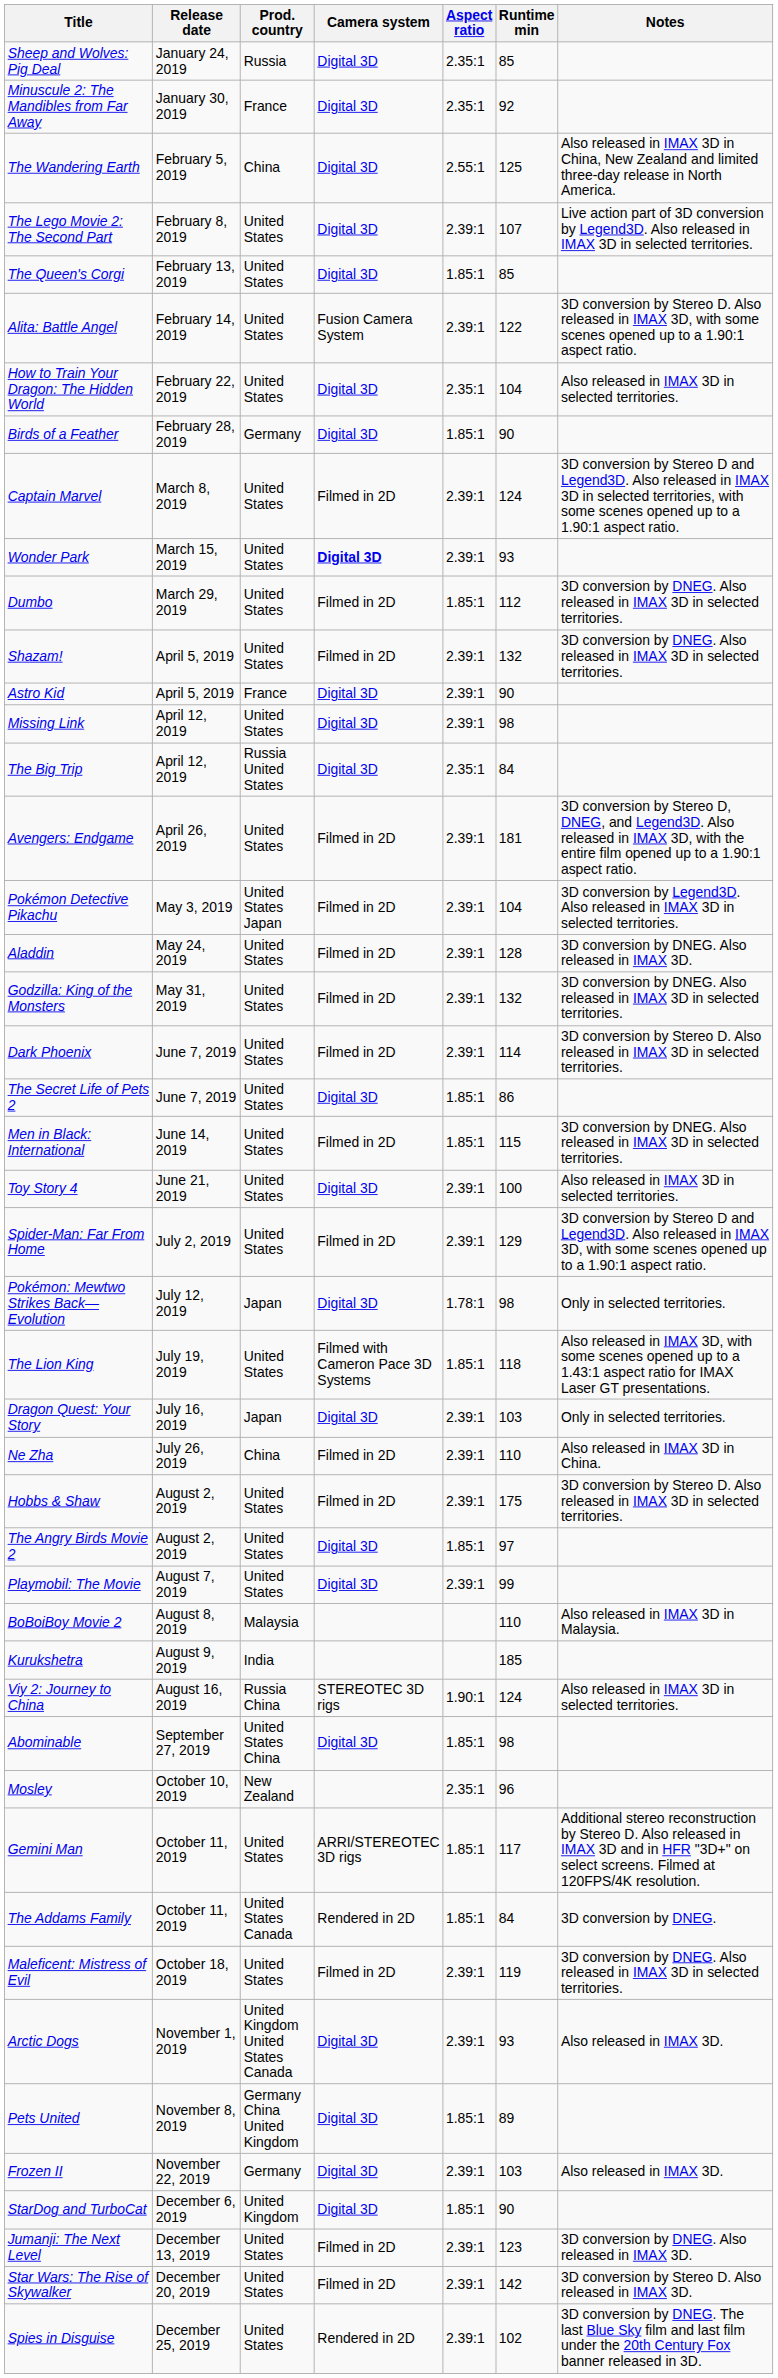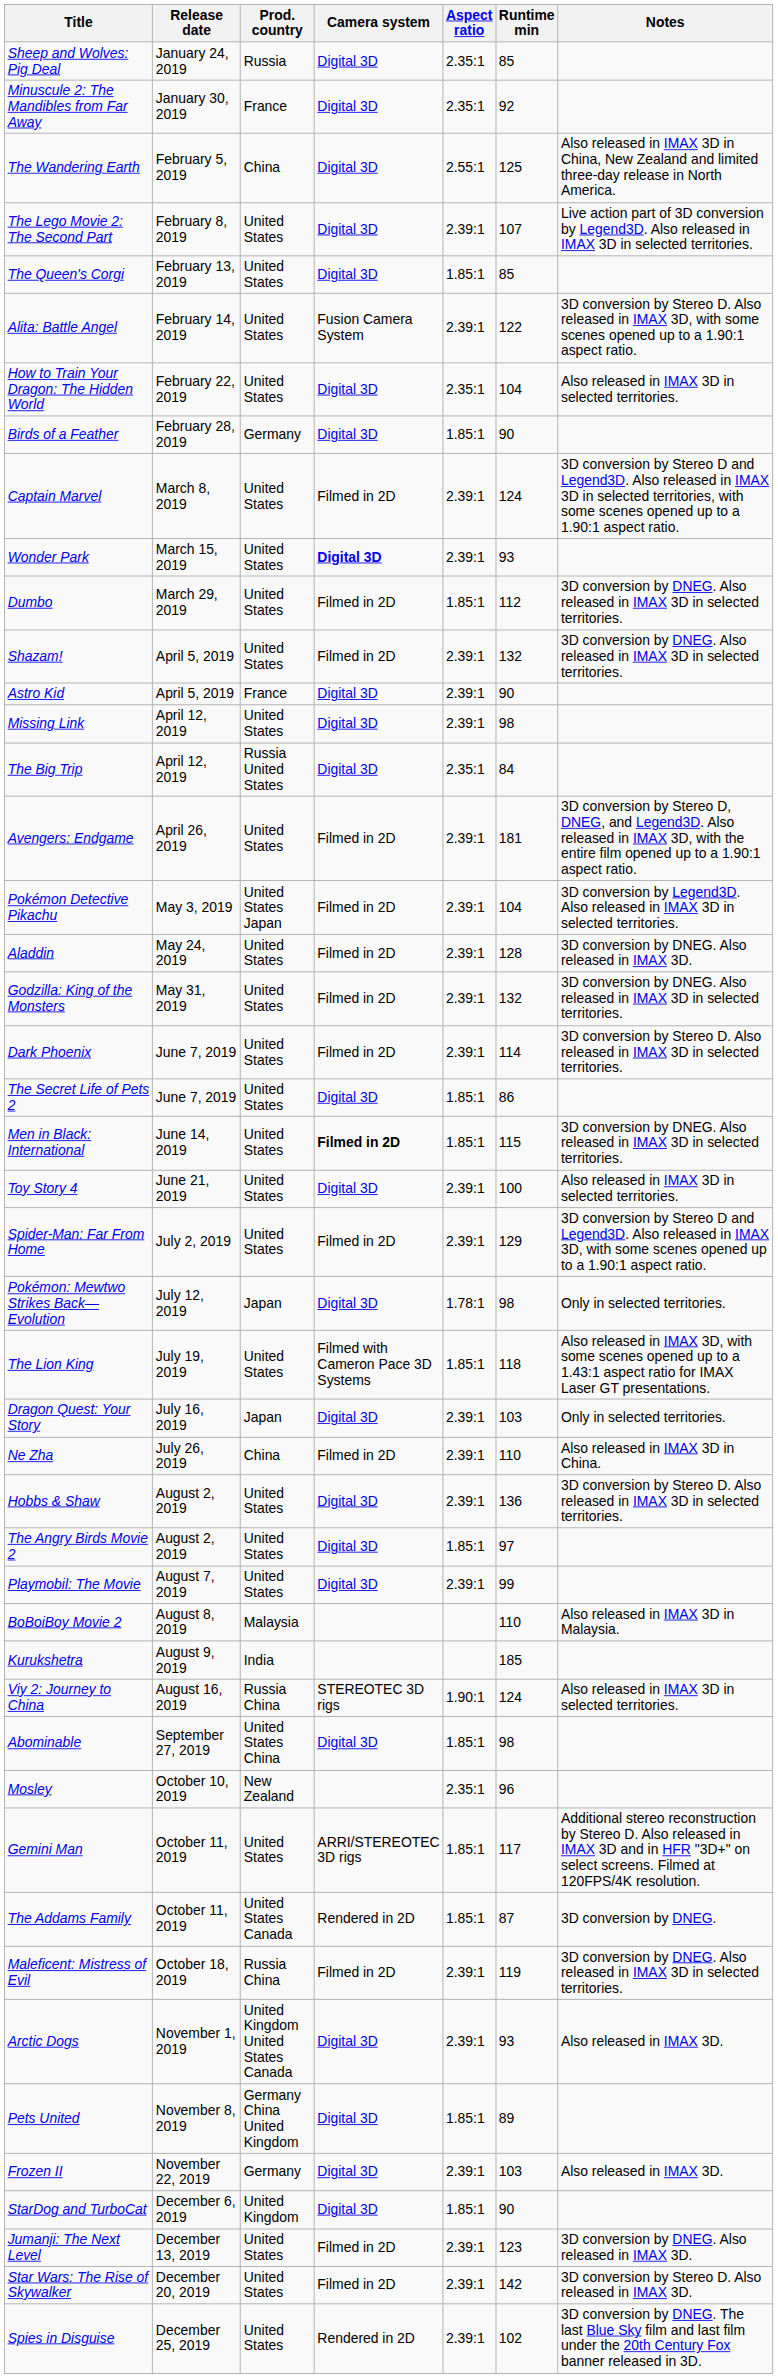 <table class="wikitable sortable" width="100%">
 <tr>
 <th width="22%">Title</th>
 <th width="12%">Release date</th>
 <th width="10%">Prod. country</th>
 <th width="15%">Camera system</th>
 <th width="5%"><a href='#'>Aspect ratio</a></th>
 <th width="3%">Runtime min</th>
 <th width="33%" class="unsortable">Notes</th>
 </tr>
 <tr>
 <td><em><a href='#'>Sheep and Wolves: Pig Deal</a></em></td>
 <td>January 24, 2019</td>
 <td>Russia</td>
 <td><a href='#'>Digital 3D</a></td>
 <td>2.35:1</td>
 <td>85</td>
 <td></td>
 </tr>
 <tr>
 <td><em><a href='#'>Minuscule 2: The Mandibles from Far Away</a></em></td>
 <td>January 30, 2019</td>
 <td>France</td>
 <td><a href='#'>Digital 3D</a></td>
 <td>2.35:1</td>
 <td>92</td>
 <td></td>
 </tr>
 <tr>
 <td><em><a href='#'>The Wandering Earth</a></em></td>
 <td>February 5, 2019</td>
 <td>China</td>
 <td><a href='#'>Digital 3D</a></td>
 <td>2.55:1</td>
 <td>125</td>
 <td>Also released in <a href='#'>IMAX</a> 3D in China, New Zealand and limited three-day release in North America.</td>
 </tr>
 <tr>
 <td><em><a href='#'>The Lego Movie 2: The Second Part</a></em></td>
 <td>February 8, 2019</td>
 <td>United States</td>
 <td><a href='#'>Digital 3D</a></td>
 <td>2.39:1</td>
 <td>107</td>
 <td>Live action part of 3D conversion by <a href='#'>Legend3D</a>. Also released in <a href='#'>IMAX</a> 3D in selected territories.</td>
 </tr>
 <tr>
 <td><em><a href='#'>The Queen's Corgi</a></em></td>
 <td>February 13, 2019</td>
 <td>United States</td>
 <td><a href='#'>Digital 3D</a></td>
 <td>1.85:1</td>
 <td>85</td>
 <td></td>
 </tr>
 <tr>
 <td><em><a href='#'>Alita: Battle Angel</a></em></td>
 <td>February 14, 2019</td>
 <td>United States</td>
 <td>Fusion Camera System</td>
 <td>2.39:1</td>
 <td>122</td>
 <td>3D conversion by Stereo D. Also released in <a href='#'>IMAX</a> 3D, with some scenes opened up to a 1.90:1 aspect ratio.</td>
 </tr>
 <tr>
 <td><em><a href='#'>How to Train Your Dragon: The Hidden World</a></em></td>
 <td>February 22, 2019</td>
 <td>United States</td>
 <td><a href='#'>Digital 3D</a></td>
 <td>2.35:1</td>
 <td>104</td>
 <td>Also released in <a href='#'>IMAX</a> 3D in selected territories.</td>
 </tr>
 <tr>
 <td><em><a href='#'>Birds of a Feather</a></em></td>
 <td>February 28, 2019</td>
 <td>Germany</td>
 <td><a href='#'>Digital 3D</a></td>
 <td>1.85:1</td>
 <td>90</td>
 <td></td>
 </tr>
 <tr>
 <td><em><a href='#'>Captain Marvel</a></em></td>
 <td>March 8, 2019</td>
 <td>United States</td>
 <td>Filmed in 2D</td>
 <td>2.39:1</td>
 <td>124</td>
 <td>3D conversion by Stereo D and <a href='#'>Legend3D</a>. Also released in <a href='#'>IMAX</a> 3D in selected territories, with some scenes opened up to a 1.90:1 aspect ratio.</td>
 </tr>
 <tr>
 <td><em><a href='#'>Wonder Park</a></em></td>
 <td>March 15, 2019</td>
 <td>United States</td>
 <td><strong><a href='#'>Digital 3D</a></strong></td>
 <td>2.39:1</td>
 <td>93</td>
 <td></td>
 </tr>
 <tr>
 <td><em><a href='#'>Dumbo</a></em></td>
 <td>March 29, 2019</td>
 <td>United States</td>
 <td>Filmed in 2D</td>
 <td>1.85:1</td>
 <td>112</td>
 <td>3D conversion by <a href='#'>DNEG</a>. Also released in <a href='#'>IMAX</a> 3D in selected territories.</td>
 </tr>
 <tr>
 <td><em><a href='#'>Shazam!</a></em></td>
 <td>April 5, 2019</td>
 <td>United States</td>
 <td>Filmed in 2D</td>
 <td>2.39:1</td>
 <td>132</td>
 <td>3D conversion by <a href='#'>DNEG</a>. Also released in <a href='#'>IMAX</a> 3D in selected territories.</td>
 </tr>
 <tr>
 <td><em><a href='#'>Astro Kid</a></em></td>
 <td>April 5, 2019</td>
 <td>France</td>
 <td><a href='#'>Digital 3D</a></td>
 <td>2.39:1</td>
 <td>90</td>
 <td></td>
 </tr>
 <tr>
 <td><em><a href='#'>Missing Link</a></em></td>
 <td>April 12, 2019</td>
 <td>United States</td>
 <td><a href='#'>Digital 3D</a></td>
 <td>2.39:1</td>
 <td>98</td>
 <td></td>
 </tr>
 <tr>
 <td><em><a href='#'>The Big Trip</a></em></td>
 <td>April 12, 2019</td>
 <td>Russia<br>United States</td>
 <td><a href='#'>Digital 3D</a></td>
 <td>2.35:1</td>
 <td>84</td>
 <td></td>
 </tr>
 <tr>
 <td><em><a href='#'>Avengers: Endgame</a></em></td>
 <td>April 26, 2019</td>
 <td>United States</td>
 <td>Filmed in 2D</td>
 <td>2.39:1</td>
 <td>181</td>
 <td>3D conversion by Stereo D, <a href='#'>DNEG</a>, and <a href='#'>Legend3D</a>. Also released in <a href='#'>IMAX</a> 3D, with the entire film opened up to a 1.90:1 aspect ratio.</td>
 </tr>
 <tr>
 <td><em><a href='#'>Pokémon Detective Pikachu</a></em></td>
 <td>May 3, 2019</td>
 <td>United States<br>Japan</td>
 <td>Filmed in 2D</td>
 <td>2.39:1</td>
 <td>104</td>
 <td>3D conversion by <a href='#'>Legend3D</a>. Also released in <a href='#'>IMAX</a> 3D in selected territories.</td>
 </tr>
 <tr>
 <td><em><a href='#'>Aladdin</a></em></td>
 <td>May 24, 2019</td>
 <td>United States</td>
 <td>Filmed in 2D</td>
 <td>2.39:1</td>
 <td>128</td>
 <td>3D conversion by DNEG. Also released in <a href='#'>IMAX</a> 3D.</td>
 </tr>
 <tr>
 <td><em><a href='#'>Godzilla: King of the Monsters</a></em></td>
 <td>May 31, 2019</td>
 <td>United States</td>
 <td>Filmed in 2D</td>
 <td>2.39:1</td>
 <td>132</td>
 <td>3D conversion by DNEG. Also released in <a href='#'>IMAX</a> 3D in selected territories.</td>
 </tr>
 <tr>
 <td><em><a href='#'>Dark Phoenix</a></em></td>
 <td>June 7, 2019</td>
 <td>United States</td>
 <td>Filmed in 2D</td>
 <td>2.39:1</td>
 <td>114</td>
 <td>3D conversion by Stereo D. Also released in <a href='#'>IMAX</a> 3D in selected territories.</td>
 </tr>
 <tr>
 <td><em><a href='#'>The Secret Life of Pets 2</a></em></td>
 <td>June 7, 2019</td>
 <td>United States</td>
 <td><a href='#'>Digital 3D</a></td>
 <td>1.85:1</td>
 <td>86</td>
 <td></td>
 </tr>
 <tr>
 <td><em><a href='#'>Men in Black: International</a></em></td>
 <td>June 14, 2019</td>
 <td>United States</td>
-<td>Filmed in 2D</td>
+<td><strong>Filmed in 2D</strong></td>
 <td>1.85:1</td>
 <td>115</td>
 <td>3D conversion by DNEG. Also released in <a href='#'>IMAX</a> 3D in selected territories.</td>
 </tr>
 <tr>
 <td><em><a href='#'>Toy Story 4</a></em></td>
 <td>June 21, 2019</td>
 <td>United States</td>
 <td><a href='#'>Digital 3D</a></td>
 <td>2.39:1</td>
 <td>100</td>
 <td>Also released in <a href='#'>IMAX</a> 3D in selected territories.</td>
 </tr>
 <tr>
 <td><em><a href='#'>Spider-Man: Far From Home</a></em></td>
 <td>July 2, 2019</td>
 <td>United States</td>
 <td>Filmed in 2D</td>
 <td>2.39:1</td>
 <td>129</td>
 <td>3D conversion by Stereo D and <a href='#'>Legend3D</a>. Also released in <a href='#'>IMAX</a> 3D, with some scenes opened up to a 1.90:1 aspect ratio.</td>
 </tr>
 <tr>
 <td><em><a href='#'>Pokémon: Mewtwo Strikes Back—Evolution</a></em></td>
 <td>July 12, 2019</td>
 <td>Japan</td>
 <td><a href='#'>Digital 3D</a></td>
 <td>1.78:1</td>
 <td>98</td>
 <td>Only in selected territories.</td>
 </tr>
 <tr>
 <td><em><a href='#'>The Lion King</a></em></td>
 <td>July 19, 2019</td>
 <td>United States</td>
 <td>Filmed with Cameron Pace 3D Systems</td>
 <td>1.85:1</td>
 <td>118</td>
 <td>Also released in <a href='#'>IMAX</a> 3D, with some scenes opened up to a 1.43:1 aspect ratio for IMAX Laser GT presentations.</td>
 </tr>
 <tr>
 <td><em><a href='#'>Dragon Quest: Your Story</a></em></td>
 <td>July 16, 2019</td>
 <td>Japan</td>
 <td><a href='#'>Digital 3D</a></td>
 <td>2.39:1</td>
 <td>103</td>
 <td>Only in selected territories.</td>
 </tr>
 <tr>
 <td><em><a href='#'>Ne Zha</a></em></td>
 <td>July 26, 2019</td>
 <td>China</td>
 <td>Filmed in 2D</td>
 <td>2.39:1</td>
 <td>110</td>
 <td>Also released in <a href='#'>IMAX</a> 3D in China.</td>
 </tr>
 <tr>
 <td><em><a href='#'>Hobbs & Shaw</a></em></td>
 <td>August 2, 2019</td>
 <td>United States</td>
-<td>Filmed in 2D</td>
+<td><a href='#'>Digital 3D</a></td>
 <td>2.39:1</td>
-<td>175</td>
+<td>136</td>
 <td>3D conversion by Stereo D. Also released in <a href='#'>IMAX</a> 3D in selected territories.</td>
 </tr>
 <tr>
 <td><em><a href='#'>The Angry Birds Movie 2</a></em></td>
 <td>August 2, 2019</td>
 <td>United States</td>
 <td><a href='#'>Digital 3D</a></td>
 <td>1.85:1</td>
 <td>97</td>
 <td></td>
 </tr>
 <tr>
 <td><em><a href='#'>Playmobil: The Movie</a></em></td>
 <td>August 7, 2019</td>
 <td>United States</td>
 <td><a href='#'>Digital 3D</a></td>
 <td>2.39:1</td>
 <td>99</td>
 <td></td>
 </tr>
 <tr>
 <td><em><a href='#'>BoBoiBoy Movie 2</a></em></td>
 <td>August 8, 2019</td>
 <td>Malaysia</td>
 <td></td>
 <td></td>
 <td>110</td>
 <td>Also released in <a href='#'>IMAX</a> 3D in Malaysia.</td>
 </tr>
 <tr>
 <td><em><a href='#'>Kurukshetra</a></em></td>
 <td>August 9, 2019</td>
 <td>India</td>
 <td></td>
 <td></td>
 <td>185</td>
 <td></td>
 </tr>
 <tr>
 <td><em><a href='#'>Viy 2: Journey to China</a></em></td>
 <td>August 16, 2019</td>
 <td>Russia<br>China</td>
 <td>STEREOTEC 3D rigs</td>
 <td>1.90:1</td>
 <td>124</td>
 <td>Also released in <a href='#'>IMAX</a> 3D in selected territories.</td>
 </tr>
 <tr>
 <td><em><a href='#'>Abominable</a></em></td>
 <td>September 27, 2019</td>
 <td>United States<br>China</td>
 <td><a href='#'>Digital 3D</a></td>
 <td>1.85:1</td>
 <td>98</td>
 <td></td>
 </tr>
 <tr>
 <td><em><a href='#'>Mosley</a></em></td>
 <td>October 10, 2019</td>
 <td>New Zealand</td>
 <td></td>
 <td>2.35:1</td>
 <td>96</td>
 <td></td>
 </tr>
 <tr>
 <td><em><a href='#'>Gemini Man</a></em></td>
 <td>October 11, 2019</td>
 <td>United States</td>
 <td>ARRI/STEREOTEC 3D rigs</td>
 <td>1.85:1</td>
 <td>117</td>
 <td>Additional stereo reconstruction by Stereo D. Also released in <a href='#'>IMAX</a> 3D and in <a href='#'>HFR</a> "3D+" on select screens. Filmed at 120FPS/4K resolution.</td>
 </tr>
 <tr>
 <td><em><a href='#'>The Addams Family</a></em></td>
 <td>October 11, 2019</td>
 <td>United States<br>Canada</td>
 <td>Rendered in 2D</td>
 <td>1.85:1</td>
-<td>84</td>
+<td>87</td>
 <td>3D conversion by <a href='#'>DNEG</a>.</td>
 </tr>
 <tr>
 <td><em><a href='#'>Maleficent: Mistress of Evil</a></em></td>
 <td>October 18, 2019</td>
-<td>United States</td>
+<td>Russia<br>China</td>
 <td>Filmed in 2D</td>
 <td>2.39:1</td>
 <td>119</td>
 <td>3D conversion by <a href='#'>DNEG</a>. Also released in <a href='#'>IMAX</a> 3D in selected territories.</td>
 </tr>
 <tr>
 <td><em><a href='#'>Arctic Dogs</a></em></td>
 <td>November 1, 2019</td>
 <td>United Kingdom<br>United States<br> Canada</td>
 <td><a href='#'>Digital 3D</a></td>
 <td>2.39:1</td>
 <td>93</td>
 <td>Also released in <a href='#'>IMAX</a> 3D.</td>
 </tr>
 <tr>
 <td><em><a href='#'>Pets United</a></em></td>
 <td>November 8, 2019</td>
 <td>Germany<br>China<br> United Kingdom</td>
 <td><a href='#'>Digital 3D</a></td>
 <td>1.85:1</td>
 <td>89</td>
 <td></td>
 </tr>
 <tr>
 <td><em><a href='#'>Frozen II</a></em></td>
 <td>November 22, 2019</td>
 <td>Germany</td>
 <td><a href='#'>Digital 3D</a></td>
 <td>2.39:1</td>
 <td>103</td>
 <td>Also released in <a href='#'>IMAX</a> 3D.</td>
 </tr>
 <tr>
 <td><em><a href='#'>StarDog and TurboCat</a></em></td>
 <td>December 6, 2019</td>
 <td>United Kingdom</td>
 <td><a href='#'>Digital 3D</a></td>
 <td>1.85:1</td>
 <td>90</td>
 <td></td>
 </tr>
 <tr>
 <td><em><a href='#'>Jumanji: The Next Level</a></em></td>
 <td>December 13, 2019</td>
 <td>United States</td>
 <td>Filmed in 2D</td>
 <td>2.39:1</td>
 <td>123</td>
 <td>3D conversion by <a href='#'>DNEG</a>. Also released in <a href='#'>IMAX</a> 3D.</td>
 </tr>
 <tr>
 <td><em><a href='#'>Star Wars: The Rise of Skywalker</a></em></td>
 <td>December 20, 2019</td>
 <td>United States</td>
 <td>Filmed in 2D</td>
 <td>2.39:1</td>
 <td>142</td>
 <td>3D conversion by Stereo D. Also released in <a href='#'>IMAX</a> 3D.</td>
 </tr>
 <tr>
 <td><em><a href='#'>Spies in Disguise</a></em></td>
 <td>December 25, 2019</td>
 <td>United States</td>
 <td>Rendered in 2D</td>
 <td>2.39:1</td>
 <td>102</td>
 <td>3D conversion by <a href='#'>DNEG</a>. The last <a href='#'>Blue Sky</a> film and last film under the <a href='#'>20th Century Fox</a> banner released in 3D.</td>
 </tr>
 </table>
